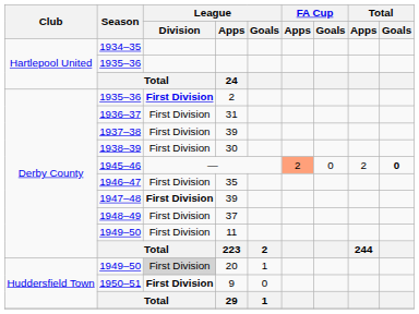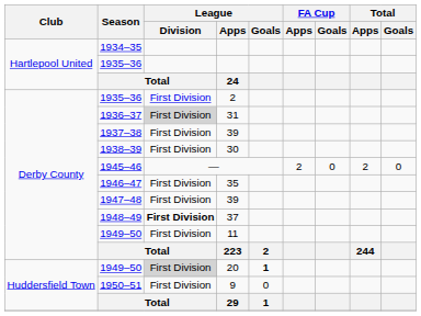 <table class="wikitable" style="text-align: center;">
 <tr>
 <th rowspan="2">Club</th>
 <th rowspan="2">Season</th>
 <th colspan="3">League</th>
 <th colspan="2"><a href='#'>FA Cup</a></th>
 <th colspan="2">Total</th>
 </tr>
 <tr>
 <th>Division</th>
 <th>Apps</th>
 <th>Goals</th>
 <th>Apps</th>
 <th>Goals</th>
 <th>Apps</th>
 <th>Goals</th>
 </tr>
 <tr>
 <td rowspan="3"><a href='#'>Hartlepool United</a></td>
 <td><a href='#'>1934–35</a></td>
 <td></td>
 <td></td>
 <td></td>
 <td></td>
 <td></td>
 <td></td>
 <td></td>
 </tr>
 <tr>
 <td><a href='#'>1935–36</a></td>
 <td></td>
 <td></td>
 <td></td>
 <td></td>
 <td></td>
 <td></td>
 <td></td>
 </tr>
 <tr>
 <th colspan="2">Total</th>
 <th>24</th>
 <th></th>
 <th></th>
 <th></th>
 <th></th>
 <th></th>
 </tr>
 <tr>
 <td rowspan="10"><a href='#'>Derby County</a></td>
 <td><a href='#'>1935–36</a></td>
-<td><strong><a href='#'>First Division</a></strong></td>
+<td><a href='#'>First Division</a></td>
 <td>2</td>
 <td></td>
 <td></td>
 <td></td>
 <td></td>
 <td></td>
 </tr>
 <tr>
 <td><a href='#'>1936–37</a></td>
-<td>First Division</td>
+<td style="background: lightgrey;">First Division</td>
 <td>31</td>
 <td></td>
 <td></td>
 <td></td>
 <td></td>
 <td></td>
 </tr>
 <tr>
 <td><a href='#'>1937–38</a></td>
 <td>First Division</td>
 <td>39</td>
 <td></td>
 <td></td>
 <td></td>
 <td></td>
 <td></td>
 </tr>
 <tr>
 <td><a href='#'>1938–39</a></td>
 <td>First Division</td>
 <td>30</td>
 <td></td>
 <td></td>
 <td></td>
 <td></td>
 <td></td>
 </tr>
 <tr>
 <td><a href='#'>1945–46</a></td>
 <td colspan="3">—</td>
-<td style="background: lightsalmon;">2</td>
+<td>2</td>
 <td>0</td>
 <td>2</td>
-<td><strong>0</strong></td>
+<td>0</td>
 </tr>
 <tr>
 <td><a href='#'>1946–47</a></td>
 <td>First Division</td>
 <td>35</td>
 <td></td>
 <td></td>
 <td></td>
 <td></td>
 <td></td>
 </tr>
 <tr>
 <td><a href='#'>1947–48</a></td>
-<td><strong>First Division</strong></td>
+<td>First Division</td>
 <td>39</td>
 <td></td>
 <td></td>
 <td></td>
 <td></td>
 <td></td>
 </tr>
 <tr>
 <td><a href='#'>1948–49</a></td>
-<td>First Division</td>
+<td><strong>First Division</strong></td>
 <td>37</td>
 <td></td>
 <td></td>
 <td></td>
 <td></td>
 <td></td>
 </tr>
 <tr>
 <td><a href='#'>1949–50</a></td>
 <td>First Division</td>
 <td>11</td>
 <td></td>
 <td></td>
 <td></td>
 <td></td>
 <td></td>
 </tr>
 <tr>
 <th colspan="2">Total</th>
 <th>223</th>
 <th>2</th>
 <th></th>
 <th></th>
 <th>244</th>
 <th></th>
 </tr>
 <tr>
 <td rowspan="3"><a href='#'>Huddersfield Town</a></td>
 <td><a href='#'>1949–50</a></td>
 <td style="background: lightgrey;">First Division</td>
 <td>20</td>
-<td>1</td>
+<td><strong>1</strong></td>
 <td></td>
 <td></td>
 <td></td>
 <td></td>
 </tr>
 <tr>
 <td><a href='#'>1950–51</a></td>
-<td><strong>First Division</strong></td>
+<td>First Division</td>
 <td>9</td>
 <td>0</td>
 <td></td>
 <td></td>
 <td></td>
 <td></td>
 </tr>
 <tr>
 <th colspan="2">Total</th>
 <th>29</th>
 <th>1</th>
 <th></th>
 <th></th>
 <th></th>
 <th></th>
 </tr>
 <tr>
 </tr>
 </table>
